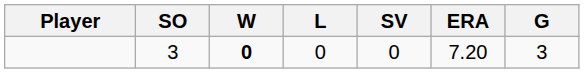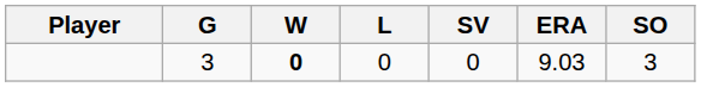 <table class="wikitable sortable" style="text-align:center; font-size: 95%;">
 <tr>
 <th bgcolor="#DDDDFF" width="16%">Player</th>
-<th bgcolor="#DDDDFF" width="9%">SO</th>
+<th bgcolor="#DDDDFF" width="9%">G</th>
 <th bgcolor="#DDDDFF" width="9%">W</th>
 <th bgcolor="#DDDDFF" width="9%">L</th>
 <th bgcolor="#DDDDFF" width="9%">SV</th>
 <th bgcolor="#DDDDFF" width="9%">ERA</th>
-<th bgcolor="#DDDDFF" width="9%">G</th>
+<th bgcolor="#DDDDFF" width="9%">SO</th>
 </tr>
 <tr>
 <td></td>
 <td>3</td>
 <td><strong>0</strong></td>
 <td>0</td>
 <td>0</td>
-<td>7.20</td>
+<td>9.03</td>
 <td>3</td>
 </tr>
 </table>
